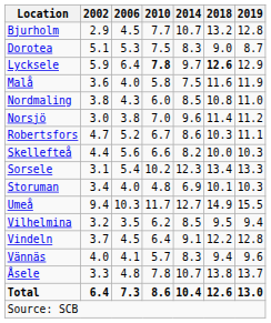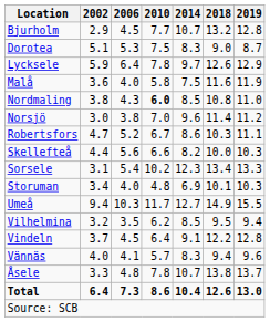 <table class="wikitable sortable" style=text-align:right>
 <tr>
 <th>Location</th>
 <th>2002</th>
 <th>2006</th>
 <th>2010</th>
 <th>2014</th>
 <th>2018</th>
 <th>2019</th>
 </tr>
 <tr>
 <td align=left><a href='#'>Bjurholm</a></td>
 <td>2.9</td>
 <td>4.5</td>
 <td>7.7</td>
 <td>10.7</td>
 <td>13.2</td>
 <td>12.8</td>
 </tr>
 <tr>
 <td align=left><a href='#'>Dorotea</a></td>
 <td>5.1</td>
 <td>5.3</td>
 <td>7.5</td>
 <td>8.3</td>
 <td>9.0</td>
 <td>8.7</td>
 </tr>
 <tr>
 <td align=left><a href='#'>Lycksele</a></td>
 <td>5.9</td>
 <td>6.4</td>
-<td><strong>7.8</strong></td>
+<td>7.8</td>
 <td>9.7</td>
-<td><strong>12.6</strong></td>
+<td>12.6</td>
 <td>12.9</td>
 </tr>
 <tr>
 <td align=left><a href='#'>Malå</a></td>
 <td>3.6</td>
 <td>4.0</td>
 <td>5.8</td>
 <td>7.5</td>
 <td>11.6</td>
 <td>11.9</td>
 </tr>
 <tr>
 <td align=left><a href='#'>Nordmaling</a></td>
 <td>3.8</td>
 <td>4.3</td>
-<td>6.0</td>
+<td><strong>6.0</strong></td>
 <td>8.5</td>
 <td>10.8</td>
 <td>11.0</td>
 </tr>
 <tr>
 <td align=left><a href='#'>Norsjö</a></td>
 <td>3.0</td>
 <td>3.8</td>
 <td>7.0</td>
 <td>9.6</td>
 <td>11.4</td>
 <td>11.2</td>
 </tr>
 <tr>
 <td align=left><a href='#'>Robertsfors</a></td>
 <td>4.7</td>
 <td>5.2</td>
 <td>6.7</td>
 <td>8.6</td>
 <td>10.3</td>
 <td>11.1</td>
 </tr>
 <tr>
 <td align=left><a href='#'>Skellefteå</a></td>
 <td>4.4</td>
 <td>5.6</td>
 <td>6.6</td>
 <td>8.2</td>
 <td>10.0</td>
 <td>10.3</td>
 </tr>
 <tr>
 <td align=left><a href='#'>Sorsele</a></td>
 <td>3.1</td>
 <td>5.4</td>
 <td>10.2</td>
 <td>12.3</td>
 <td>13.4</td>
 <td>13.3</td>
 </tr>
 <tr>
 <td align=left><a href='#'>Storuman</a></td>
 <td>3.4</td>
 <td>4.0</td>
 <td>4.8</td>
 <td>6.9</td>
 <td>10.1</td>
 <td>10.3</td>
 </tr>
 <tr>
 <td align=left><a href='#'>Umeå</a></td>
 <td>9.4</td>
 <td>10.3</td>
 <td>11.7</td>
 <td>12.7</td>
 <td>14.9</td>
 <td>15.5</td>
 </tr>
 <tr>
 <td align=left><a href='#'>Vilhelmina</a></td>
 <td>3.2</td>
 <td>3.5</td>
 <td>6.2</td>
 <td>8.5</td>
 <td>9.5</td>
 <td>9.4</td>
 </tr>
 <tr>
 <td align=left><a href='#'>Vindeln</a></td>
 <td>3.7</td>
 <td>4.5</td>
 <td>6.4</td>
 <td>9.1</td>
 <td>12.2</td>
 <td>12.8</td>
 </tr>
 <tr>
 <td align=left><a href='#'>Vännäs</a></td>
 <td>4.0</td>
 <td>4.1</td>
 <td>5.7</td>
 <td>8.3</td>
 <td>9.4</td>
 <td>9.6</td>
 </tr>
 <tr>
 <td align=left><a href='#'>Åsele</a></td>
 <td>3.3</td>
 <td>4.8</td>
 <td>7.8</td>
 <td>10.7</td>
 <td>13.8</td>
 <td>13.7</td>
 </tr>
 <tr>
 <td align=left><strong>Total</strong></td>
 <td><strong>6.4</strong></td>
 <td><strong>7.3</strong></td>
 <td><strong>8.6</strong></td>
 <td><strong>10.4</strong></td>
 <td><strong>12.6</strong></td>
 <td><strong>13.0</strong></td>
 </tr>
 <tr>
 <td align=left colspan=7>Source: SCB </td>
 </tr>
 </table>
